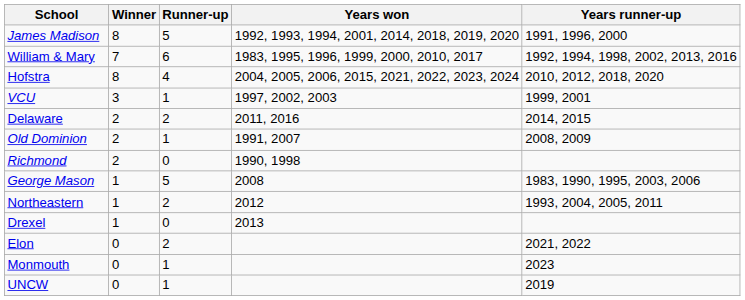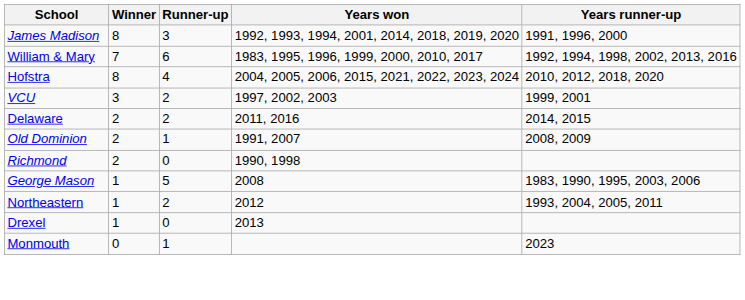 <table class="wikitable" style=text-align: ;">
 <tr>
 <th width=120px>School</th>
 <th width=px>Winner</th>
 <th width=px>Runner-up</th>
 <th width=px>Years won</th>
 <th width=px>Years runner-up</th>
 </tr>
 <tr>
 <td><em><a href='#'>James Madison</a></em></td>
 <td>8</td>
-<td>5</td>
+<td>3</td>
 <td>1992, 1993, 1994, 2001, 2014, 2018, 2019, 2020</td>
 <td>1991, 1996, 2000</td>
 </tr>
 <tr>
 <td><a href='#'>William & Mary</a></td>
 <td>7</td>
 <td>6</td>
 <td>1983, 1995, 1996, 1999, 2000, 2010, 2017</td>
 <td>1992, 1994, 1998, 2002, 2013, 2016</td>
 </tr>
 <tr>
 <td><a href='#'>Hofstra</a></td>
 <td>8</td>
 <td>4</td>
 <td>2004, 2005, 2006, 2015, 2021, 2022, 2023, 2024</td>
 <td>2010, 2012, 2018, 2020</td>
 </tr>
 <tr>
 <td><em><a href='#'>VCU</a></em></td>
 <td>3</td>
-<td>1</td>
+<td>2</td>
 <td>1997, 2002, 2003</td>
 <td>1999, 2001</td>
 </tr>
 <tr>
 <td><a href='#'>Delaware</a></td>
 <td>2</td>
 <td>2</td>
 <td>2011, 2016</td>
 <td>2014, 2015</td>
 </tr>
 <tr>
 <td><em><a href='#'>Old Dominion</a></em></td>
 <td>2</td>
 <td>1</td>
 <td>1991, 2007</td>
 <td>2008, 2009</td>
 </tr>
 <tr>
 <td><em><a href='#'>Richmond</a></em></td>
 <td>2</td>
 <td>0</td>
 <td>1990, 1998</td>
 <td></td>
 </tr>
 <tr>
 <td><em><a href='#'>George Mason</a></em></td>
 <td>1</td>
 <td>5</td>
 <td>2008</td>
 <td>1983, 1990, 1995, 2003, 2006</td>
 </tr>
 <tr>
 <td><a href='#'>Northeastern</a></td>
 <td>1</td>
 <td>2</td>
 <td>2012</td>
 <td>1993, 2004, 2005, 2011</td>
 </tr>
 <tr>
 <td><a href='#'>Drexel</a></td>
 <td>1</td>
 <td>0</td>
 <td>2013</td>
 <td></td>
 </tr>
 <tr>
-<td><a href='#'>Elon</a></td>
-<td>0</td>
-<td>2</td>
-<td></td>
-<td>2021, 2022</td>
-</tr>
-<tr>
 <td><a href='#'>Monmouth</a></td>
 <td>0</td>
 <td>1</td>
 <td></td>
 <td>2023</td>
 </tr>
-<tr>
-<td><a href='#'>UNCW</a></td>
-<td>0</td>
-<td>1</td>
-<td></td>
-<td>2019</td>
-</tr>
 </table>
